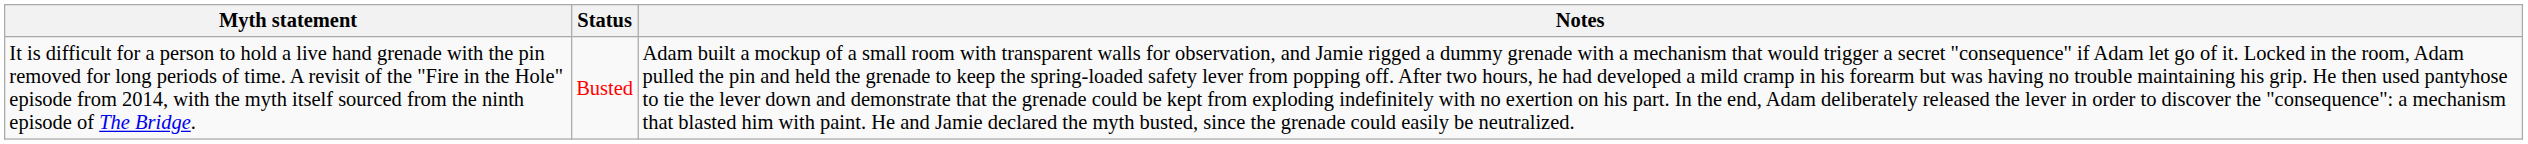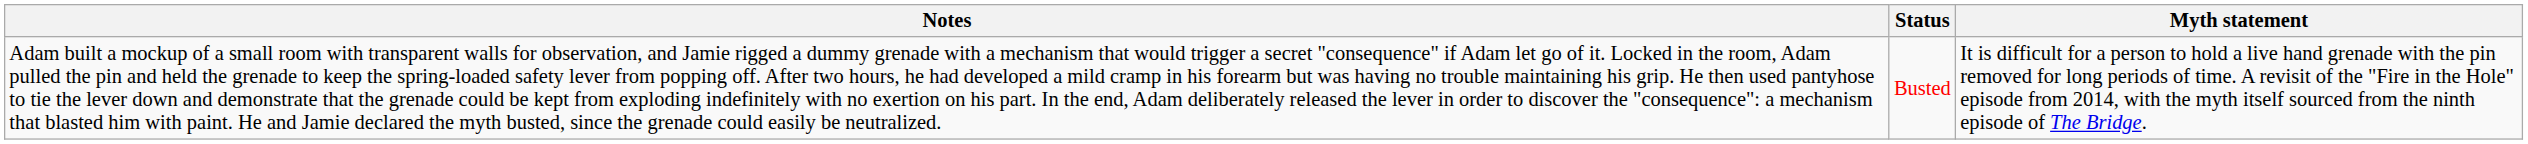 <table class="wikitable plainrowheaders">
 <tr>
+<th>Notes</th>
+<th>Status</th>
 <th>Myth statement</th>
-<th>Status</th>
-<th>Notes</th>
 </tr>
 <tr>
+<td>Adam built a mockup of a small room with transparent walls for observation, and Jamie rigged a dummy grenade with a mechanism that would trigger a secret "consequence" if Adam let go of it. Locked in the room, Adam pulled the pin and held the grenade to keep the spring-loaded safety lever from popping off. After two hours, he had developed a mild cramp in his forearm but was having no trouble maintaining his grip. He then used pantyhose to tie the lever down and demonstrate that the grenade could be kept from exploding indefinitely with no exertion on his part. In the end, Adam deliberately released the lever in order to discover the "consequence": a mechanism that blasted him with paint. He and Jamie declared the myth busted, since the grenade could easily be neutralized.</td>
+<td style="color:red">Busted</td>
 <td>It is difficult for a person to hold a live hand grenade with the pin removed for long periods of time. A revisit of the "Fire in the Hole" episode from 2014, with the myth itself sourced from the ninth episode of <em><a href='#'>The Bridge</a></em>.</td>
-<td style="color:red">Busted</td>
-<td>Adam built a mockup of a small room with transparent walls for observation, and Jamie rigged a dummy grenade with a mechanism that would trigger a secret "consequence" if Adam let go of it. Locked in the room, Adam pulled the pin and held the grenade to keep the spring-loaded safety lever from popping off. After two hours, he had developed a mild cramp in his forearm but was having no trouble maintaining his grip. He then used pantyhose to tie the lever down and demonstrate that the grenade could be kept from exploding indefinitely with no exertion on his part. In the end, Adam deliberately released the lever in order to discover the "consequence": a mechanism that blasted him with paint. He and Jamie declared the myth busted, since the grenade could easily be neutralized.</td>
 </tr>
 </table>
